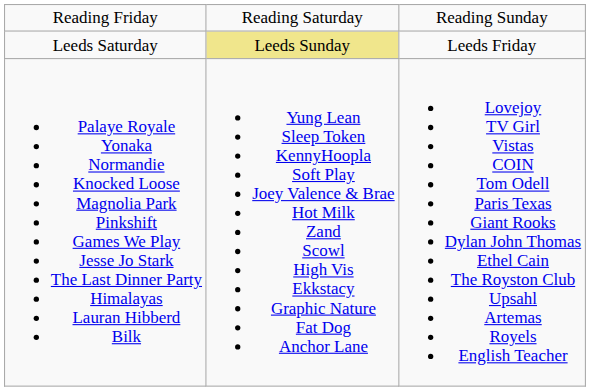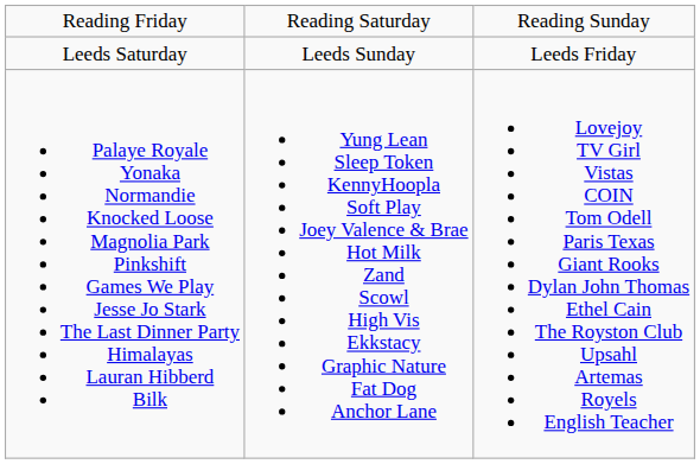 <table class="wikitable" style="text-align:center;">
 <tr>
 <td>Reading Friday</td>
 <td>Reading Saturday</td>
 <td>Reading Sunday</td>
 </tr>
 <tr>
 <td>Leeds Saturday</td>
-<td style="background: khaki;">Leeds Sunday</td>
+<td>Leeds Sunday</td>
 <td>Leeds Friday</td>
 </tr>
 <tr>
 <td><br><ul><li><a href='#'>Palaye Royale</a></li><li><a href='#'>Yonaka</a></li><li><a href='#'>Normandie</a></li><li><a href='#'>Knocked Loose</a></li><li><a href='#'>Magnolia Park</a></li><li><a href='#'>Pinkshift</a></li><li><a href='#'>Games We Play</a></li><li><a href='#'>Jesse Jo Stark</a></li><li><a href='#'>The Last Dinner Party</a></li><li><a href='#'>Himalayas</a></li><li><a href='#'>Lauran Hibberd</a></li><li><a href='#'>Bilk</a></li></ul></td>
 <td><br><ul><li><a href='#'>Yung Lean</a></li><li><a href='#'>Sleep Token</a></li><li><a href='#'>KennyHoopla</a></li><li><a href='#'>Soft Play</a></li><li><a href='#'>Joey Valence & Brae</a></li><li><a href='#'>Hot Milk</a></li><li><a href='#'>Zand</a></li><li><a href='#'>Scowl</a></li><li><a href='#'>High Vis</a></li><li><a href='#'>Ekkstacy</a></li><li><a href='#'>Graphic Nature</a></li><li><a href='#'>Fat Dog</a></li><li><a href='#'>Anchor Lane</a></li></ul></td>
 <td><br><ul><li><a href='#'>Lovejoy</a></li><li><a href='#'>TV Girl</a></li><li><a href='#'>Vistas</a></li><li><a href='#'>COIN</a></li><li><a href='#'>Tom Odell</a></li><li><a href='#'>Paris Texas</a></li><li><a href='#'>Giant Rooks</a></li><li><a href='#'>Dylan John Thomas</a></li><li><a href='#'>Ethel Cain</a></li><li><a href='#'>The Royston Club</a></li><li><a href='#'>Upsahl</a></li><li><a href='#'>Artemas</a></li><li><a href='#'>Royels</a></li><li><a href='#'>English Teacher</a></li></ul></td>
 </tr>
 </table>
